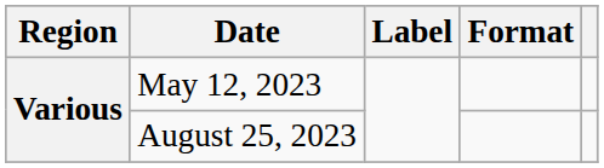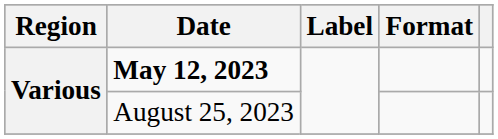 <table class="wikitable plainrowheaders">
 <tr>
 <th>Region</th>
 <th>Date</th>
 <th>Label</th>
 <th>Format</th>
 <th></th>
 </tr>
 <tr>
 <th scope="row" rowspan="2">Various</th>
-<td>May 12, 2023</td>
+<td><strong>May 12, 2023</strong></td>
 <td rowspan="2"></td>
 <td></td>
 <td></td>
 </tr>
 <tr>
 <td>August 25, 2023</td>
 <td></td>
 <td></td>
 </tr>
 </table>
